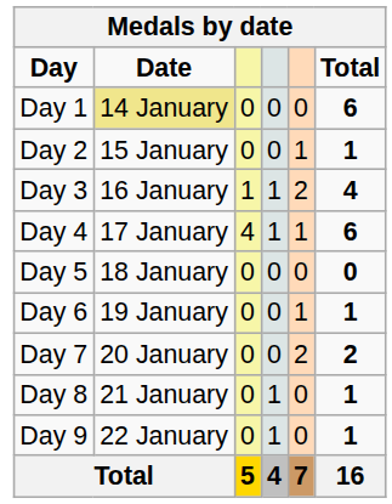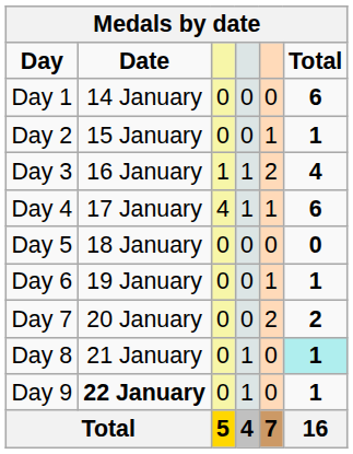 <table class=wikitable style="font-size:85%;float:right;clear:right;">
 <tr bgcolor=efefef>
 <th colspan=6><strong>Medals by date</strong></th>
 </tr>
 <tr align=center>
 <td><strong>Day</strong></td>
 <td><strong>Date</strong></td>
 <td bgcolor=#f7f6a8></td>
 <td bgcolor=#dce5e5></td>
 <td bgcolor=#ffdab9></td>
 <td><strong>Total</strong></td>
 </tr>
 <tr align=center>
 <td>Day 1</td>
-<td style="background: khaki;">14 January</td>
+<td>14 January</td>
 <td bgcolor=F7F6A8>0</td>
 <td bgcolor=DCE5E5>0</td>
 <td bgcolor=FFDAB9>0</td>
 <td><strong>6</strong></td>
 </tr>
 <tr align=center>
 <td>Day 2</td>
 <td>15 January</td>
 <td bgcolor=F7F6A8>0</td>
 <td bgcolor=DCE5E5>0</td>
 <td bgcolor=FFDAB9>1</td>
 <td><strong>1</strong></td>
 </tr>
 <tr align=center>
 <td>Day 3</td>
 <td>16 January</td>
 <td bgcolor=F7F6A8>1</td>
 <td bgcolor=DCE5E5>1</td>
 <td bgcolor=FFDAB9>2</td>
 <td><strong>4</strong></td>
 </tr>
 <tr align=center>
 <td>Day 4</td>
 <td>17 January</td>
 <td bgcolor=F7F6A8>4</td>
 <td bgcolor=DCE5E5>1</td>
 <td bgcolor=FFDAB9>1</td>
 <td><strong>6</strong></td>
 </tr>
 <tr align=center>
 <td>Day 5</td>
 <td>18 January</td>
 <td bgcolor=F7F6A8>0</td>
 <td bgcolor=DCE5E5>0</td>
 <td bgcolor=FFDAB9>0</td>
 <td><strong>0</strong></td>
 </tr>
 <tr align=center>
 <td>Day 6</td>
 <td>19 January</td>
 <td bgcolor=F7F6A8>0</td>
 <td bgcolor=DCE5E5>0</td>
 <td bgcolor=FFDAB9>1</td>
 <td><strong>1</strong></td>
 </tr>
 <tr align=center>
 <td>Day 7</td>
 <td>20 January</td>
 <td bgcolor=F7F6A8>0</td>
 <td bgcolor=DCE5E5>0</td>
 <td bgcolor=FFDAB9>2</td>
 <td><strong>2</strong></td>
 </tr>
 <tr align=center>
 <td>Day 8</td>
 <td>21 January</td>
 <td bgcolor=F7F6A8>0</td>
 <td bgcolor=DCE5E5>1</td>
 <td bgcolor=FFDAB9>0</td>
-<td><strong>1</strong></td>
+<td style="background: paleturquoise;"><strong>1</strong></td>
 </tr>
 <tr align=center>
 <td>Day 9</td>
-<td>22 January</td>
+<td><strong>22 January</strong></td>
 <td bgcolor=F7F6A8>0</td>
 <td bgcolor=DCE5E5>1</td>
 <td bgcolor=FFDAB9>0</td>
 <td><strong>1</strong></td>
 </tr>
 <tr>
 <th colspan=2><strong>Total</strong></th>
 <th style="background:gold"><strong>5</strong></th>
 <th style="background:silver"><strong>4</strong></th>
 <th style="background:#c96"><strong>7</strong></th>
 <th><strong>16</strong></th>
 </tr>
 </table>
